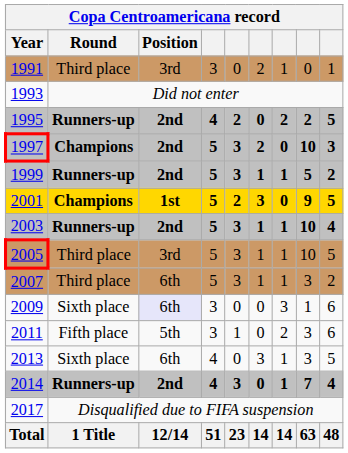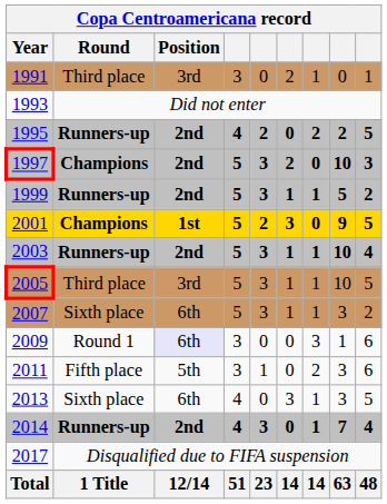 <table class="wikitable" style="text-align: center;">
 <tr>
 <th colspan=9><a href='#'>Copa Centroamericana</a> record</th>
 </tr>
 <tr>
 <th>Year</th>
 <th>Round</th>
 <th>Position</th>
 <th></th>
 <th></th>
 <th></th>
 <th></th>
 <th></th>
 <th></th>
 </tr>
 <tr style="background:#cc9966">
 <td> <a href='#'>1991</a></td>
 <td>Third place</td>
 <td>3rd</td>
 <td>3</td>
 <td>0</td>
 <td>2</td>
 <td>1</td>
 <td>0</td>
 <td>1</td>
 </tr>
 <tr>
 <td> <a href='#'>1993</a></td>
 <td colspan=8><em>Did not enter</em></td>
 </tr>
 <tr style="background:silver">
 <td> <a href='#'>1995</a></td>
 <td><strong>Runners-up</strong></td>
 <td><strong>2nd</strong></td>
 <td><strong>4</strong></td>
 <td><strong>2</strong></td>
 <td><strong>0</strong></td>
 <td><strong>2</strong></td>
 <td><strong>2</strong></td>
 <td><strong>5</strong></td>
 </tr>
 <tr style="background:silver">
 <td style="border: 3px solid red"> <a href='#'>1997</a></td>
 <td><strong>Champions</strong></td>
 <td><strong>2nd</strong></td>
 <td><strong>5</strong></td>
 <td><strong>3</strong></td>
 <td><strong>2</strong></td>
 <td><strong>0</strong></td>
 <td><strong>10</strong></td>
 <td><strong>3</strong></td>
 </tr>
 <tr style="background:silver">
 <td> <a href='#'>1999</a></td>
 <td><strong>Runners-up</strong></td>
 <td><strong>2nd</strong></td>
 <td><strong>5</strong></td>
 <td><strong>3</strong></td>
 <td><strong>1</strong></td>
 <td><strong>1</strong></td>
 <td><strong>5</strong></td>
 <td><strong>2</strong></td>
 </tr>
 <tr style="background:gold">
 <td> <a href='#'>2001</a></td>
 <td><strong>Champions</strong></td>
 <td><strong>1st</strong></td>
 <td><strong>5</strong></td>
 <td><strong>2</strong></td>
 <td><strong>3</strong></td>
 <td><strong>0</strong></td>
 <td><strong>9</strong></td>
 <td><strong>5</strong></td>
 </tr>
 <tr style="background:silver">
 <td> <a href='#'>2003</a></td>
 <td><strong>Runners-up</strong></td>
 <td><strong>2nd</strong></td>
 <td><strong>5</strong></td>
 <td><strong>3</strong></td>
 <td><strong>1</strong></td>
 <td><strong>1</strong></td>
 <td><strong>10</strong></td>
 <td><strong>4</strong></td>
 </tr>
 <tr style="background:#cc9966">
 <td style="border: 3px solid red"> <a href='#'>2005</a></td>
 <td>Third place</td>
 <td>3rd</td>
 <td>5</td>
 <td>3</td>
 <td>1</td>
 <td>1</td>
 <td>10</td>
 <td>5</td>
 </tr>
 <tr style="background:#cc9966">
 <td> <a href='#'>2007</a></td>
-<td>Third place</td>
+<td>Sixth place</td>
 <td>6th</td>
 <td>5</td>
 <td>3</td>
 <td>1</td>
 <td>1</td>
 <td>3</td>
 <td>2</td>
 </tr>
 <tr>
 <td> <a href='#'>2009</a></td>
-<td>Sixth place</td>
+<td>Round 1</td>
 <td style="background: lavender;">6th</td>
 <td>3</td>
 <td>0</td>
 <td>0</td>
 <td>3</td>
 <td>1</td>
 <td>6</td>
 </tr>
 <tr>
 <td> <a href='#'>2011</a></td>
 <td>Fifth place</td>
 <td>5th</td>
 <td>3</td>
 <td>1</td>
 <td>0</td>
 <td>2</td>
 <td>3</td>
 <td>6</td>
 </tr>
 <tr>
 <td> <a href='#'>2013</a></td>
 <td>Sixth place</td>
 <td>6th</td>
 <td>4</td>
 <td>0</td>
 <td>3</td>
 <td>1</td>
 <td>3</td>
 <td>5</td>
 </tr>
 <tr style="background:silver">
 <td> <a href='#'>2014</a></td>
 <td><strong>Runners-up</strong></td>
 <td><strong>2nd</strong></td>
 <td><strong>4</strong></td>
 <td><strong>3</strong></td>
 <td><strong>0</strong></td>
 <td><strong>1</strong></td>
 <td><strong>7</strong></td>
 <td><strong>4</strong></td>
 </tr>
 <tr>
 <td> <a href='#'>2017</a></td>
 <td colspan=8><em>Disqualified due to FIFA suspension</em></td>
 </tr>
 <tr>
 <th>Total</th>
 <th>1 Title</th>
 <th>12/14</th>
 <th>51</th>
 <th>23</th>
 <th>14</th>
 <th>14</th>
 <th>63</th>
 <th>48</th>
 </tr>
 </table>
